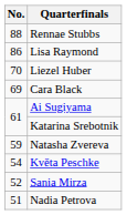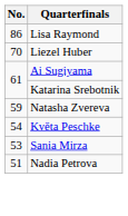 <table class="wikitable nowrap" style="text-align:center; display:inline-table">
 <tr>
 <th scope="col">No.</th>
 <th scope="col">Quarterfinals</th>
-</tr>
-<tr>
-<td>88</td>
-<td style="text-align:left"> Rennae Stubbs</td>
 </tr>
 <tr>
 <td>86</td>
 <td style="text-align:left"> Lisa Raymond</td>
 </tr>
 <tr>
 <td>70</td>
 <td style="text-align:left"> Liezel Huber</td>
-</tr>
-<tr>
-<td>69</td>
-<td style="text-align:left"> Cara Black</td>
 </tr>
 <tr>
 <td rowspan="2">61</td>
 <td style="text-align:left"> <a href='#'>Ai Sugiyama</a></td>
 </tr>
 <tr>
 <td style="text-align:left"> Katarina Srebotnik</td>
 </tr>
 <tr>
 <td>59</td>
 <td style="text-align:left"> Natasha Zvereva</td>
 </tr>
 <tr>
 <td>54</td>
 <td style="text-align:left"> <a href='#'>Květa Peschke</a></td>
 </tr>
 <tr>
-<td>52</td>
+<td>53</td>
 <td style="text-align:left"> <a href='#'>Sania Mirza</a></td>
 </tr>
 <tr>
 <td>51</td>
 <td style="text-align:left"> Nadia Petrova</td>
 </tr>
 </table>
